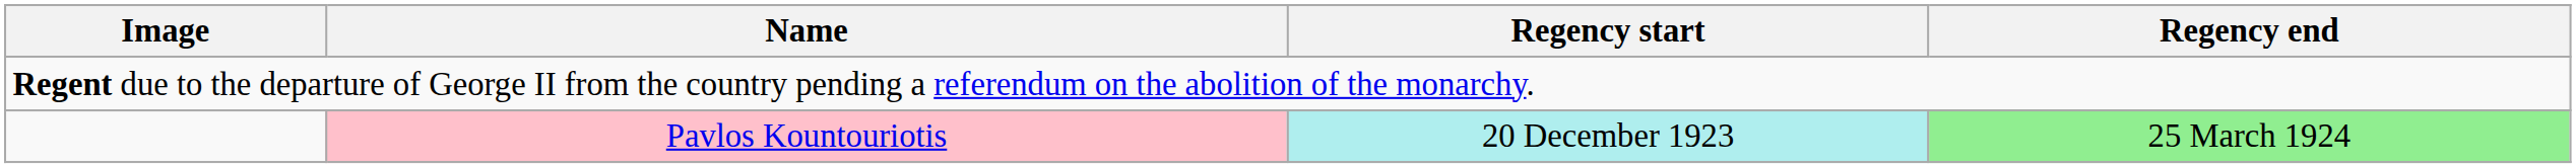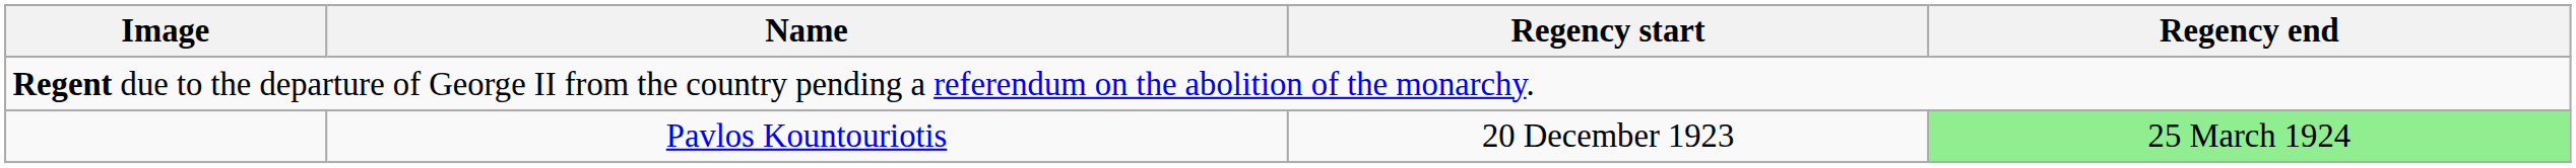 <table width=98% class="wikitable">
 <tr>
 <th width=10%>Image</th>
 <th width=30%>Name</th>
 <th width=20%>Regency start</th>
 <th width=20%>Regency end</th>
 </tr>
 <tr>
 <td width="100%" height="4" colspan="4"><strong>Regent</strong> due to the departure of George II from the country pending a <a href='#'>referendum on the abolition of the monarchy</a>.</td>
 </tr>
 <tr>
 <td align="center"></td>
-<td align="center" style="background: pink;"><a href='#'>Pavlos Kountouriotis</a></td>
-<td align="center" style="background: paleturquoise;">20 December 1923</td>
+<td align="center"><a href='#'>Pavlos Kountouriotis</a></td>
+<td align="center">20 December 1923</td>
 <td align="center" style="background: lightgreen;">25 March 1924<br></td>
 </tr>
 </table>
